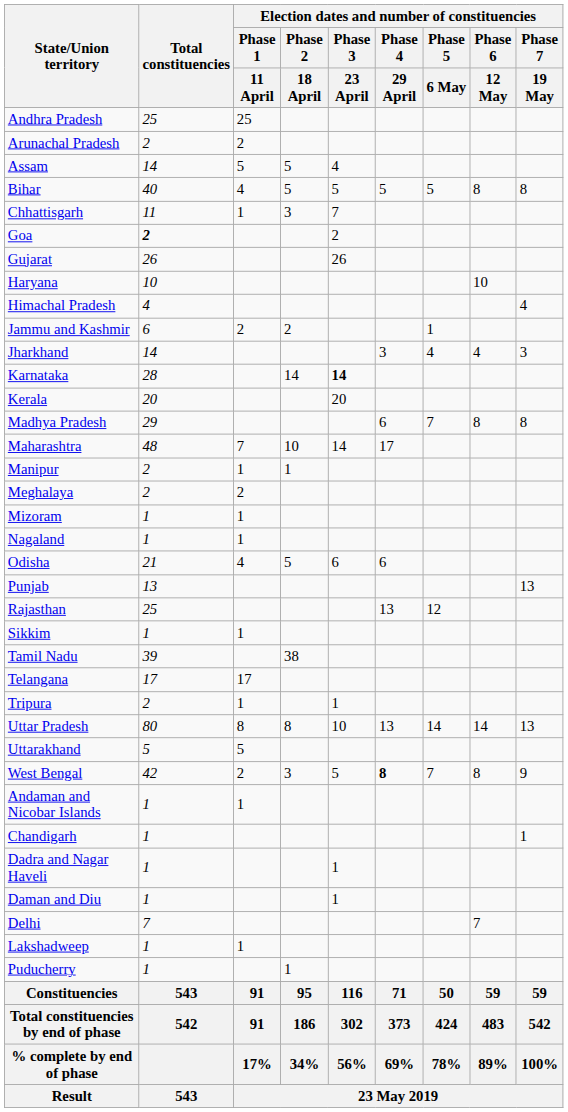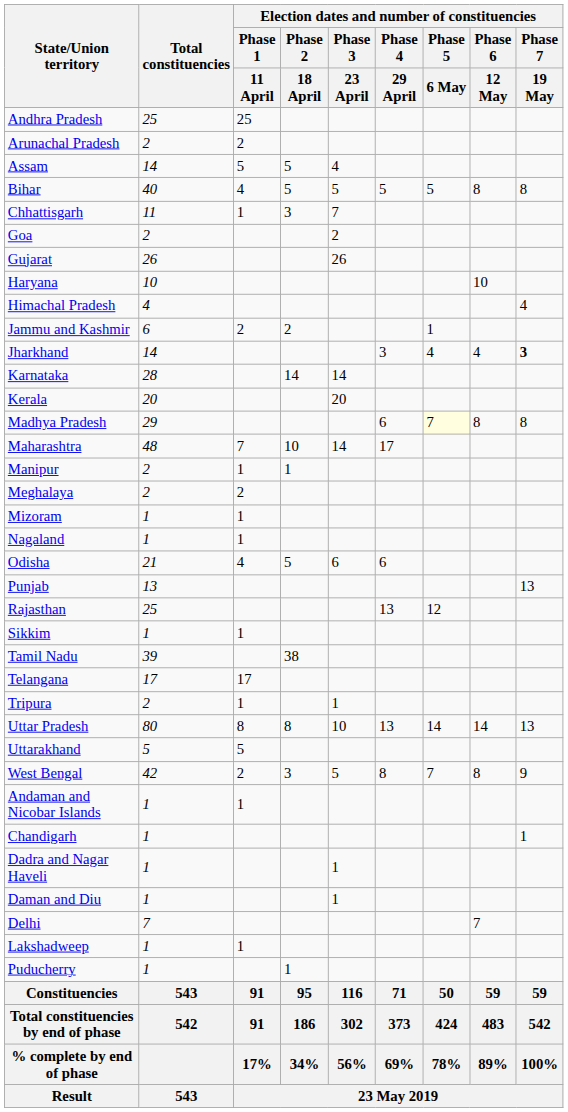 <table class="wikitable collapsible">
 <tr>
 <th rowspan="3">State/Union territory</th>
 <th rowspan="3">Total<br>constituencies</th>
 <th colspan="7">Election dates and number of constituencies</th>
 </tr>
 <tr>
 <th>Phase 1</th>
 <th>Phase 2</th>
 <th>Phase 3</th>
 <th>Phase 4</th>
 <th>Phase 5</th>
 <th>Phase 6</th>
 <th>Phase 7</th>
 </tr>
 <tr>
 <th>11 April</th>
 <th>18 April</th>
 <th>23 April</th>
 <th>29 April</th>
 <th>6 May</th>
 <th>12 May</th>
 <th>19 May</th>
 </tr>
 <tr>
 <td><a href='#'>Andhra Pradesh</a></td>
 <td><em>25</em></td>
 <td>25</td>
 <td></td>
 <td></td>
 <td></td>
 <td></td>
 <td></td>
 <td></td>
 </tr>
 <tr>
 <td><a href='#'>Arunachal Pradesh</a></td>
 <td><em>2</em></td>
 <td>2</td>
 <td></td>
 <td></td>
 <td></td>
 <td></td>
 <td></td>
 <td></td>
 </tr>
 <tr>
 <td><a href='#'>Assam</a></td>
 <td><em>14</em></td>
 <td>5</td>
 <td>5</td>
 <td>4</td>
 <td></td>
 <td></td>
 <td></td>
 <td></td>
 </tr>
 <tr>
 <td><a href='#'>Bihar</a></td>
 <td><em>40</em></td>
 <td>4</td>
 <td>5</td>
 <td>5</td>
 <td>5</td>
 <td>5</td>
 <td>8</td>
 <td>8</td>
 </tr>
 <tr>
 <td><a href='#'>Chhattisgarh</a></td>
 <td><em>11</em></td>
 <td>1</td>
 <td>3</td>
 <td>7</td>
 <td></td>
 <td></td>
 <td></td>
 <td></td>
 </tr>
 <tr>
 <td><a href='#'>Goa</a></td>
-<td><strong><em>2</em></strong></td>
+<td><em>2</em></td>
 <td></td>
 <td></td>
 <td>2</td>
 <td></td>
 <td></td>
 <td></td>
 <td></td>
 </tr>
 <tr>
 <td><a href='#'>Gujarat</a></td>
 <td><em>26</em></td>
 <td></td>
 <td></td>
 <td>26</td>
 <td></td>
 <td></td>
 <td></td>
 <td></td>
 </tr>
 <tr>
 <td><a href='#'>Haryana</a></td>
 <td><em>10</em></td>
 <td></td>
 <td></td>
 <td></td>
 <td></td>
 <td></td>
 <td>10</td>
 <td></td>
 </tr>
 <tr>
 <td><a href='#'>Himachal Pradesh</a></td>
 <td><em>4</em></td>
 <td></td>
 <td></td>
 <td></td>
 <td></td>
 <td></td>
 <td></td>
 <td>4</td>
 </tr>
 <tr>
 <td><a href='#'>Jammu and Kashmir</a></td>
 <td><em>6</em></td>
 <td>2</td>
 <td>2</td>
 <td></td>
 <td></td>
 <td>1</td>
 <td></td>
 <td></td>
 </tr>
 <tr>
 <td><a href='#'>Jharkhand</a></td>
 <td><em>14</em></td>
 <td></td>
 <td></td>
 <td></td>
 <td>3</td>
 <td>4</td>
 <td>4</td>
-<td>3</td>
+<td><strong>3</strong></td>
 </tr>
 <tr>
 <td><a href='#'>Karnataka</a></td>
 <td><em>28</em></td>
 <td></td>
 <td>14</td>
-<td><strong>14</strong></td>
+<td>14</td>
 <td></td>
 <td></td>
 <td></td>
 <td></td>
 </tr>
 <tr>
 <td><a href='#'>Kerala</a></td>
 <td><em>20</em></td>
 <td></td>
 <td></td>
 <td>20</td>
 <td></td>
 <td></td>
 <td></td>
 <td></td>
 </tr>
 <tr>
 <td><a href='#'>Madhya Pradesh</a></td>
 <td><em>29</em></td>
 <td></td>
 <td></td>
 <td></td>
 <td>6</td>
-<td>7</td>
+<td style="background: lightyellow;">7</td>
 <td>8</td>
 <td>8</td>
 </tr>
 <tr>
 <td><a href='#'>Maharashtra</a></td>
 <td><em>48</em></td>
 <td>7</td>
 <td>10</td>
 <td>14</td>
 <td>17</td>
 <td></td>
 <td></td>
 <td></td>
 </tr>
 <tr>
 <td><a href='#'>Manipur</a></td>
 <td><em>2</em></td>
 <td>1</td>
 <td>1</td>
 <td></td>
 <td></td>
 <td></td>
 <td></td>
 <td></td>
 </tr>
 <tr>
 <td><a href='#'>Meghalaya</a></td>
 <td><em>2</em></td>
 <td>2</td>
 <td></td>
 <td></td>
 <td></td>
 <td></td>
 <td></td>
 <td></td>
 </tr>
 <tr>
 <td><a href='#'>Mizoram</a></td>
 <td><em>1</em></td>
 <td>1</td>
 <td></td>
 <td></td>
 <td></td>
 <td></td>
 <td></td>
 <td></td>
 </tr>
 <tr>
 <td><a href='#'>Nagaland</a></td>
 <td><em>1</em></td>
 <td>1</td>
 <td></td>
 <td></td>
 <td></td>
 <td></td>
 <td></td>
 <td></td>
 </tr>
 <tr>
 <td><a href='#'>Odisha</a></td>
 <td><em>21</em></td>
 <td>4</td>
 <td>5</td>
 <td>6</td>
 <td>6</td>
 <td></td>
 <td></td>
 <td></td>
 </tr>
 <tr>
 <td><a href='#'>Punjab</a></td>
 <td><em>13</em></td>
 <td></td>
 <td></td>
 <td></td>
 <td></td>
 <td></td>
 <td></td>
 <td>13</td>
 </tr>
 <tr>
 <td><a href='#'>Rajasthan</a></td>
 <td><em>25</em></td>
 <td></td>
 <td></td>
 <td></td>
 <td>13</td>
 <td>12</td>
 <td></td>
 <td></td>
 </tr>
 <tr>
 <td><a href='#'>Sikkim</a></td>
 <td><em>1</em></td>
 <td>1</td>
 <td></td>
 <td></td>
 <td></td>
 <td></td>
 <td></td>
 <td></td>
 </tr>
 <tr>
 <td><a href='#'>Tamil Nadu</a></td>
 <td><em>39</em></td>
 <td></td>
 <td>38</td>
 <td></td>
 <td></td>
 <td></td>
 <td></td>
 <td></td>
 </tr>
 <tr>
 <td><a href='#'>Telangana</a></td>
 <td><em>17</em></td>
 <td>17</td>
 <td></td>
 <td></td>
 <td></td>
 <td></td>
 <td></td>
 <td></td>
 </tr>
 <tr>
 <td><a href='#'>Tripura</a></td>
 <td><em>2</em></td>
 <td>1</td>
 <td></td>
 <td>1</td>
 <td></td>
 <td></td>
 <td></td>
 <td></td>
 </tr>
 <tr>
 <td><a href='#'>Uttar Pradesh</a></td>
 <td><em>80</em></td>
 <td>8</td>
 <td>8</td>
 <td>10</td>
 <td>13</td>
 <td>14</td>
 <td>14</td>
 <td>13</td>
 </tr>
 <tr>
 <td><a href='#'>Uttarakhand</a></td>
 <td><em>5</em></td>
 <td>5</td>
 <td></td>
 <td></td>
 <td></td>
 <td></td>
 <td></td>
 <td></td>
 </tr>
 <tr>
 <td><a href='#'>West Bengal</a></td>
 <td><em>42</em></td>
 <td>2</td>
 <td>3</td>
 <td>5</td>
-<td><strong>8</strong></td>
+<td>8</td>
 <td>7</td>
 <td>8</td>
 <td>9</td>
 </tr>
 <tr>
 <td><a href='#'>Andaman and Nicobar Islands</a></td>
 <td><em>1</em></td>
 <td>1</td>
 <td></td>
 <td></td>
 <td></td>
 <td></td>
 <td></td>
 <td></td>
 </tr>
 <tr>
 <td><a href='#'>Chandigarh</a></td>
 <td><em>1</em></td>
 <td></td>
 <td></td>
 <td></td>
 <td></td>
 <td></td>
 <td></td>
 <td>1</td>
 </tr>
 <tr>
 <td><a href='#'>Dadra and Nagar Haveli</a></td>
 <td><em>1</em></td>
 <td></td>
 <td></td>
 <td>1</td>
 <td></td>
 <td></td>
 <td></td>
 <td></td>
 </tr>
 <tr>
 <td><a href='#'>Daman and Diu</a></td>
 <td><em>1</em></td>
 <td></td>
 <td></td>
 <td>1</td>
 <td></td>
 <td></td>
 <td></td>
 <td></td>
 </tr>
 <tr>
 <td><a href='#'>Delhi</a></td>
 <td><em>7</em></td>
 <td></td>
 <td></td>
 <td></td>
 <td></td>
 <td></td>
 <td>7</td>
 <td></td>
 </tr>
 <tr>
 <td><a href='#'>Lakshadweep</a></td>
 <td><em>1</em></td>
 <td>1</td>
 <td></td>
 <td></td>
 <td></td>
 <td></td>
 <td></td>
 <td></td>
 </tr>
 <tr>
 <td><a href='#'>Puducherry</a></td>
 <td><em>1</em></td>
 <td></td>
 <td>1</td>
 <td></td>
 <td></td>
 <td></td>
 <td></td>
 <td></td>
 </tr>
 <tr>
 <th>Constituencies</th>
 <th>543</th>
 <th>91</th>
 <th>95</th>
 <th>116</th>
 <th>71</th>
 <th>50</th>
 <th>59</th>
 <th>59</th>
 </tr>
 <tr>
 <th>Total constituencies by end of phase</th>
 <th>542</th>
 <th>91</th>
 <th>186</th>
 <th>302</th>
 <th>373</th>
 <th>424</th>
 <th>483</th>
 <th>542</th>
 </tr>
 <tr>
 <th>% complete by end of phase</th>
 <th></th>
 <th>17%</th>
 <th>34%</th>
 <th>56%</th>
 <th>69%</th>
 <th>78%</th>
 <th>89%</th>
 <th>100%</th>
 </tr>
 <tr>
 <th>Result</th>
 <th>543</th>
 <th colspan="7">23 May 2019</th>
 </tr>
 </table>
